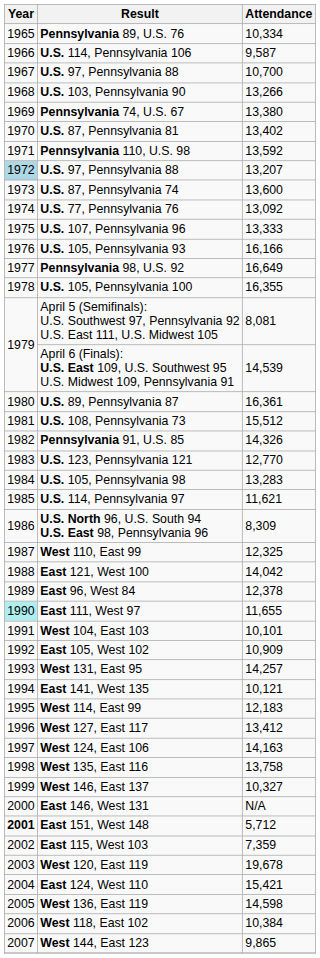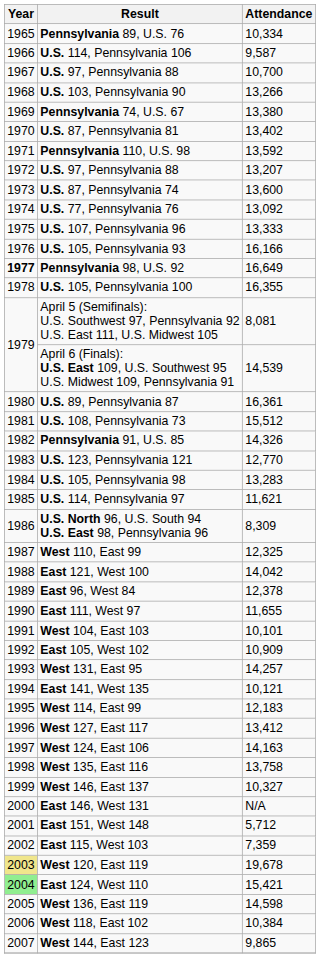 <table class="wikitable sortable">
 <tr>
 <th>Year</th>
 <th>Result</th>
 <th>Attendance</th>
 </tr>
 <tr>
 <td>1965</td>
 <td><strong>Pennsylvania</strong> 89, U.S. 76</td>
 <td>10,334</td>
 </tr>
 <tr>
 <td>1966</td>
 <td><strong>U.S.</strong> 114, Pennsylvania 106</td>
 <td>9,587</td>
 </tr>
 <tr>
 <td>1967</td>
 <td><strong>U.S.</strong> 97, Pennsylvania 88</td>
 <td>10,700</td>
 </tr>
 <tr>
 <td>1968</td>
 <td><strong>U.S.</strong> 103, Pennsylvania 90</td>
 <td>13,266</td>
 </tr>
 <tr>
 <td>1969</td>
 <td><strong>Pennsylvania</strong> 74, U.S. 67</td>
 <td>13,380</td>
 </tr>
 <tr>
 <td>1970</td>
 <td><strong>U.S.</strong> 87, Pennsylvania 81</td>
 <td>13,402</td>
 </tr>
 <tr>
 <td>1971</td>
 <td><strong>Pennsylvania</strong> 110, U.S. 98</td>
 <td>13,592</td>
 </tr>
 <tr>
-<td style="background: lightblue;">1972</td>
+<td>1972</td>
 <td><strong>U.S.</strong> 97, Pennsylvania 88</td>
 <td>13,207</td>
 </tr>
 <tr>
 <td>1973</td>
 <td><strong>U.S.</strong> 87, Pennsylvania 74</td>
 <td>13,600</td>
 </tr>
 <tr>
 <td>1974</td>
 <td><strong>U.S.</strong> 77, Pennsylvania 76</td>
 <td>13,092</td>
 </tr>
 <tr>
 <td>1975</td>
 <td><strong>U.S.</strong> 107, Pennsylvania 96</td>
 <td>13,333</td>
 </tr>
 <tr>
 <td>1976</td>
 <td><strong>U.S.</strong> 105, Pennsylvania 93</td>
 <td>16,166</td>
 </tr>
 <tr>
-<td>1977</td>
+<td><strong>1977</strong></td>
 <td><strong>Pennsylvania</strong> 98, U.S. 92</td>
 <td>16,649</td>
 </tr>
 <tr>
 <td>1978</td>
 <td><strong>U.S.</strong> 105, Pennsylvania 100</td>
 <td>16,355</td>
 </tr>
 <tr>
 <td rowspan=2>1979</td>
 <td>April 5 (Semifinals):<br>U.S. Southwest 97, Pennsylvania 92<br>U.S. East 111, U.S. Midwest 105</td>
 <td>8,081<br></td>
 </tr>
 <tr>
 <td>April 6 (Finals):<br><strong>U.S. East</strong> 109, U.S. Southwest 95<br>U.S. Midwest 109, Pennsylvania 91</td>
 <td>14,539</td>
 </tr>
 <tr>
 <td>1980</td>
 <td><strong>U.S.</strong> 89, Pennsylvania 87</td>
 <td>16,361</td>
 </tr>
 <tr>
 <td>1981</td>
 <td><strong>U.S.</strong> 108, Pennsylvania 73</td>
 <td>15,512</td>
 </tr>
 <tr>
 <td>1982</td>
 <td><strong>Pennsylvania</strong> 91, U.S. 85</td>
 <td>14,326</td>
 </tr>
 <tr>
 <td>1983</td>
 <td><strong>U.S.</strong> 123, Pennsylvania 121</td>
 <td>12,770</td>
 </tr>
 <tr>
 <td>1984</td>
 <td><strong>U.S.</strong> 105, Pennsylvania 98</td>
 <td>13,283</td>
 </tr>
 <tr>
 <td>1985</td>
 <td><strong>U.S.</strong> 114, Pennsylvania 97</td>
 <td>11,621</td>
 </tr>
 <tr>
 <td>1986</td>
 <td><strong>U.S. North</strong> 96, U.S. South 94<br><strong>U.S. East</strong> 98, Pennsylvania 96</td>
 <td>8,309</td>
 </tr>
 <tr>
 <td>1987</td>
 <td><strong>West</strong> 110, East 99</td>
 <td>12,325</td>
 </tr>
 <tr>
 <td>1988</td>
 <td><strong>East</strong> 121, West 100</td>
 <td>14,042</td>
 </tr>
 <tr>
 <td>1989</td>
 <td><strong>East</strong> 96, West 84</td>
 <td>12,378</td>
 </tr>
 <tr>
-<td style="background: paleturquoise;">1990</td>
+<td>1990</td>
 <td><strong>East</strong> 111, West 97</td>
 <td>11,655</td>
 </tr>
 <tr>
 <td>1991</td>
 <td><strong>West</strong> 104, East 103</td>
 <td>10,101</td>
 </tr>
 <tr>
 <td>1992</td>
 <td><strong>East</strong> 105, West 102</td>
 <td>10,909</td>
 </tr>
 <tr>
 <td>1993</td>
 <td><strong>West</strong> 131, East 95</td>
 <td>14,257</td>
 </tr>
 <tr>
 <td>1994</td>
 <td><strong>East</strong> 141, West 135</td>
 <td>10,121</td>
 </tr>
 <tr>
 <td>1995</td>
 <td><strong>West</strong> 114, East 99</td>
 <td>12,183</td>
 </tr>
 <tr>
 <td>1996</td>
 <td><strong>West</strong> 127, East 117</td>
 <td>13,412</td>
 </tr>
 <tr>
 <td>1997</td>
 <td><strong>West</strong> 124, East 106</td>
 <td>14,163</td>
 </tr>
 <tr>
 <td>1998</td>
 <td><strong>West</strong> 135, East 116</td>
 <td>13,758</td>
 </tr>
 <tr>
 <td>1999</td>
 <td><strong>West</strong> 146, East 137</td>
 <td>10,327</td>
 </tr>
 <tr>
 <td>2000</td>
 <td><strong>East</strong> 146, West 131</td>
 <td>N/A</td>
 </tr>
 <tr>
-<td><strong>2001</strong></td>
+<td>2001</td>
 <td><strong>East</strong> 151, West 148</td>
 <td>5,712</td>
 </tr>
 <tr>
 <td>2002</td>
 <td><strong>East</strong> 115, West 103</td>
 <td>7,359</td>
 </tr>
 <tr>
-<td>2003</td>
+<td style="background: khaki;">2003</td>
 <td><strong>West</strong> 120, East 119</td>
 <td>19,678</td>
 </tr>
 <tr>
-<td>2004</td>
+<td style="background: lightgreen;">2004</td>
 <td><strong>East</strong> 124, West 110</td>
 <td>15,421</td>
 </tr>
 <tr>
 <td>2005</td>
 <td><strong>West</strong> 136, East 119</td>
 <td>14,598</td>
 </tr>
 <tr>
 <td>2006</td>
 <td><strong>West</strong> 118, East 102</td>
 <td>10,384</td>
 </tr>
 <tr>
 <td>2007</td>
 <td><strong>West</strong> 144, East 123</td>
 <td>9,865</td>
 </tr>
 <tr>
 </tr>
 </table>
